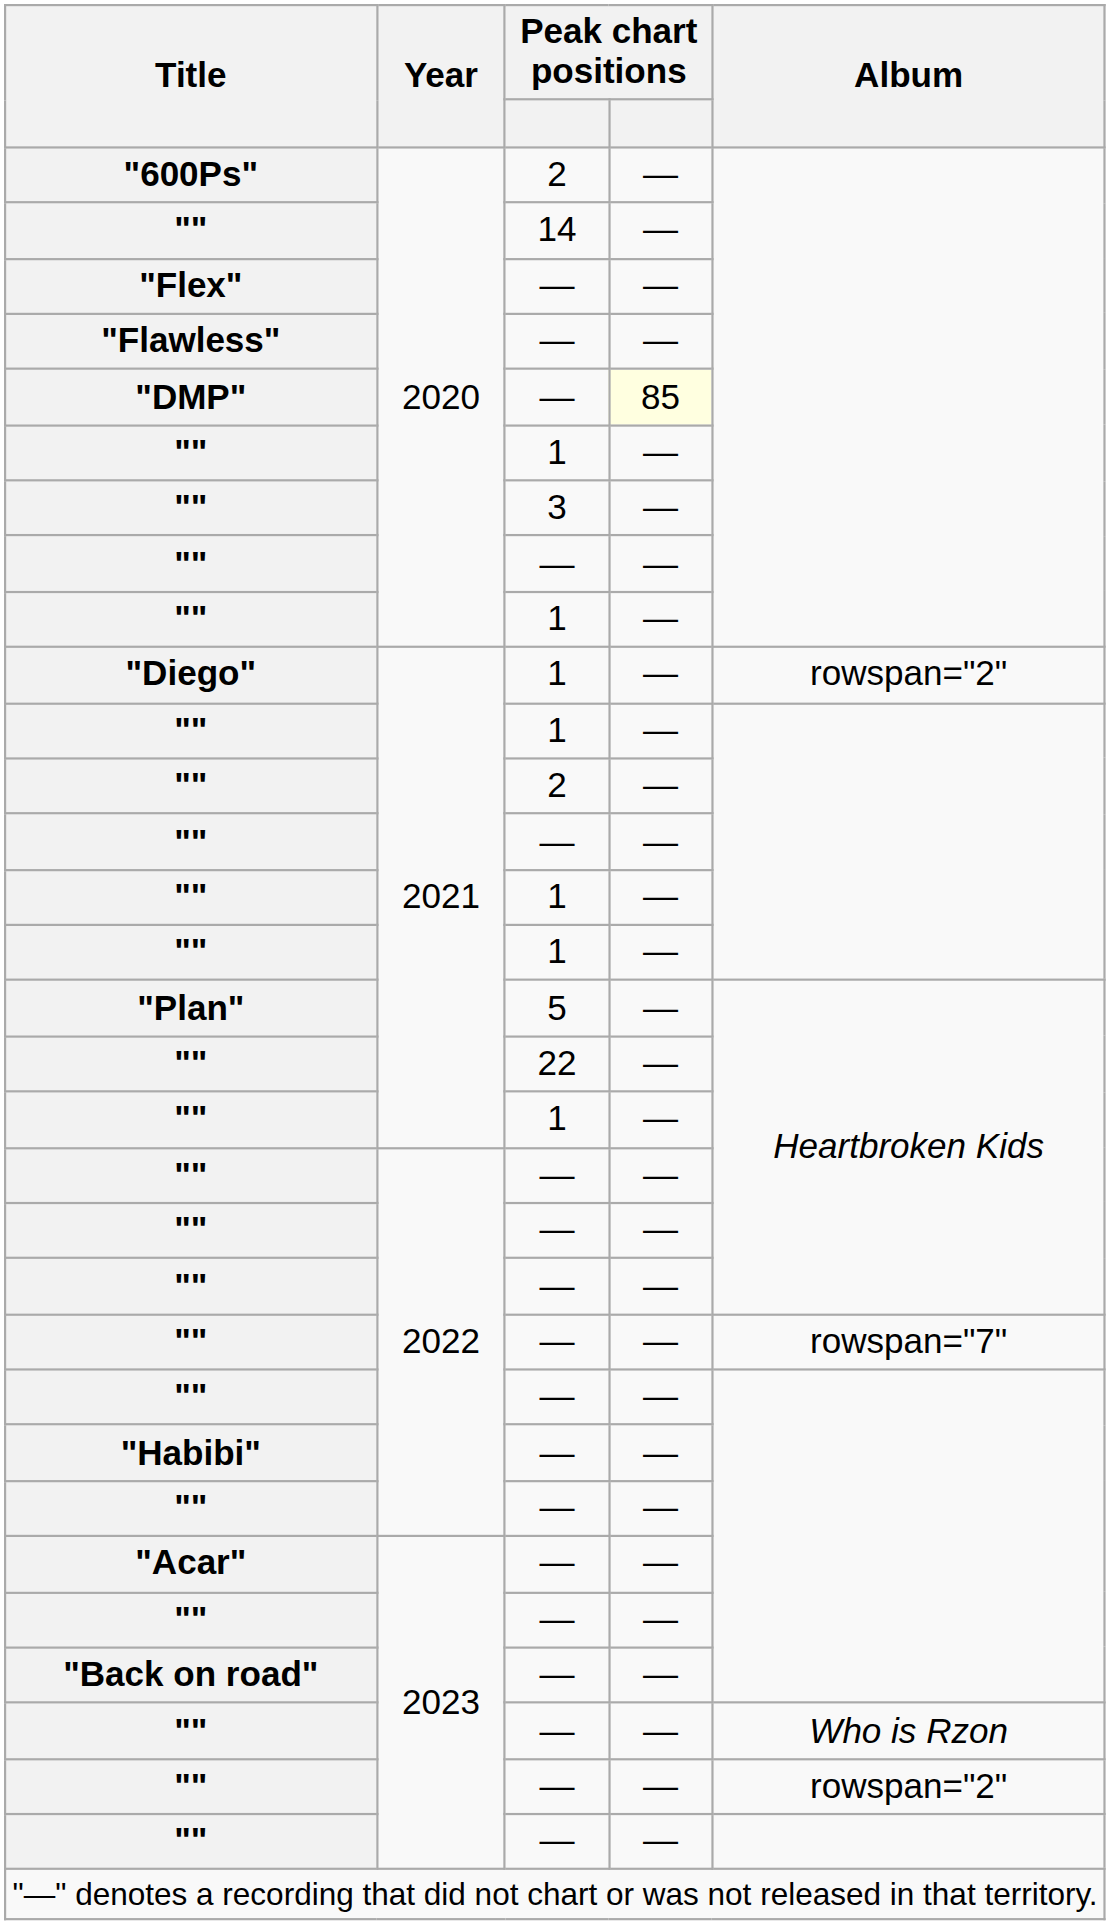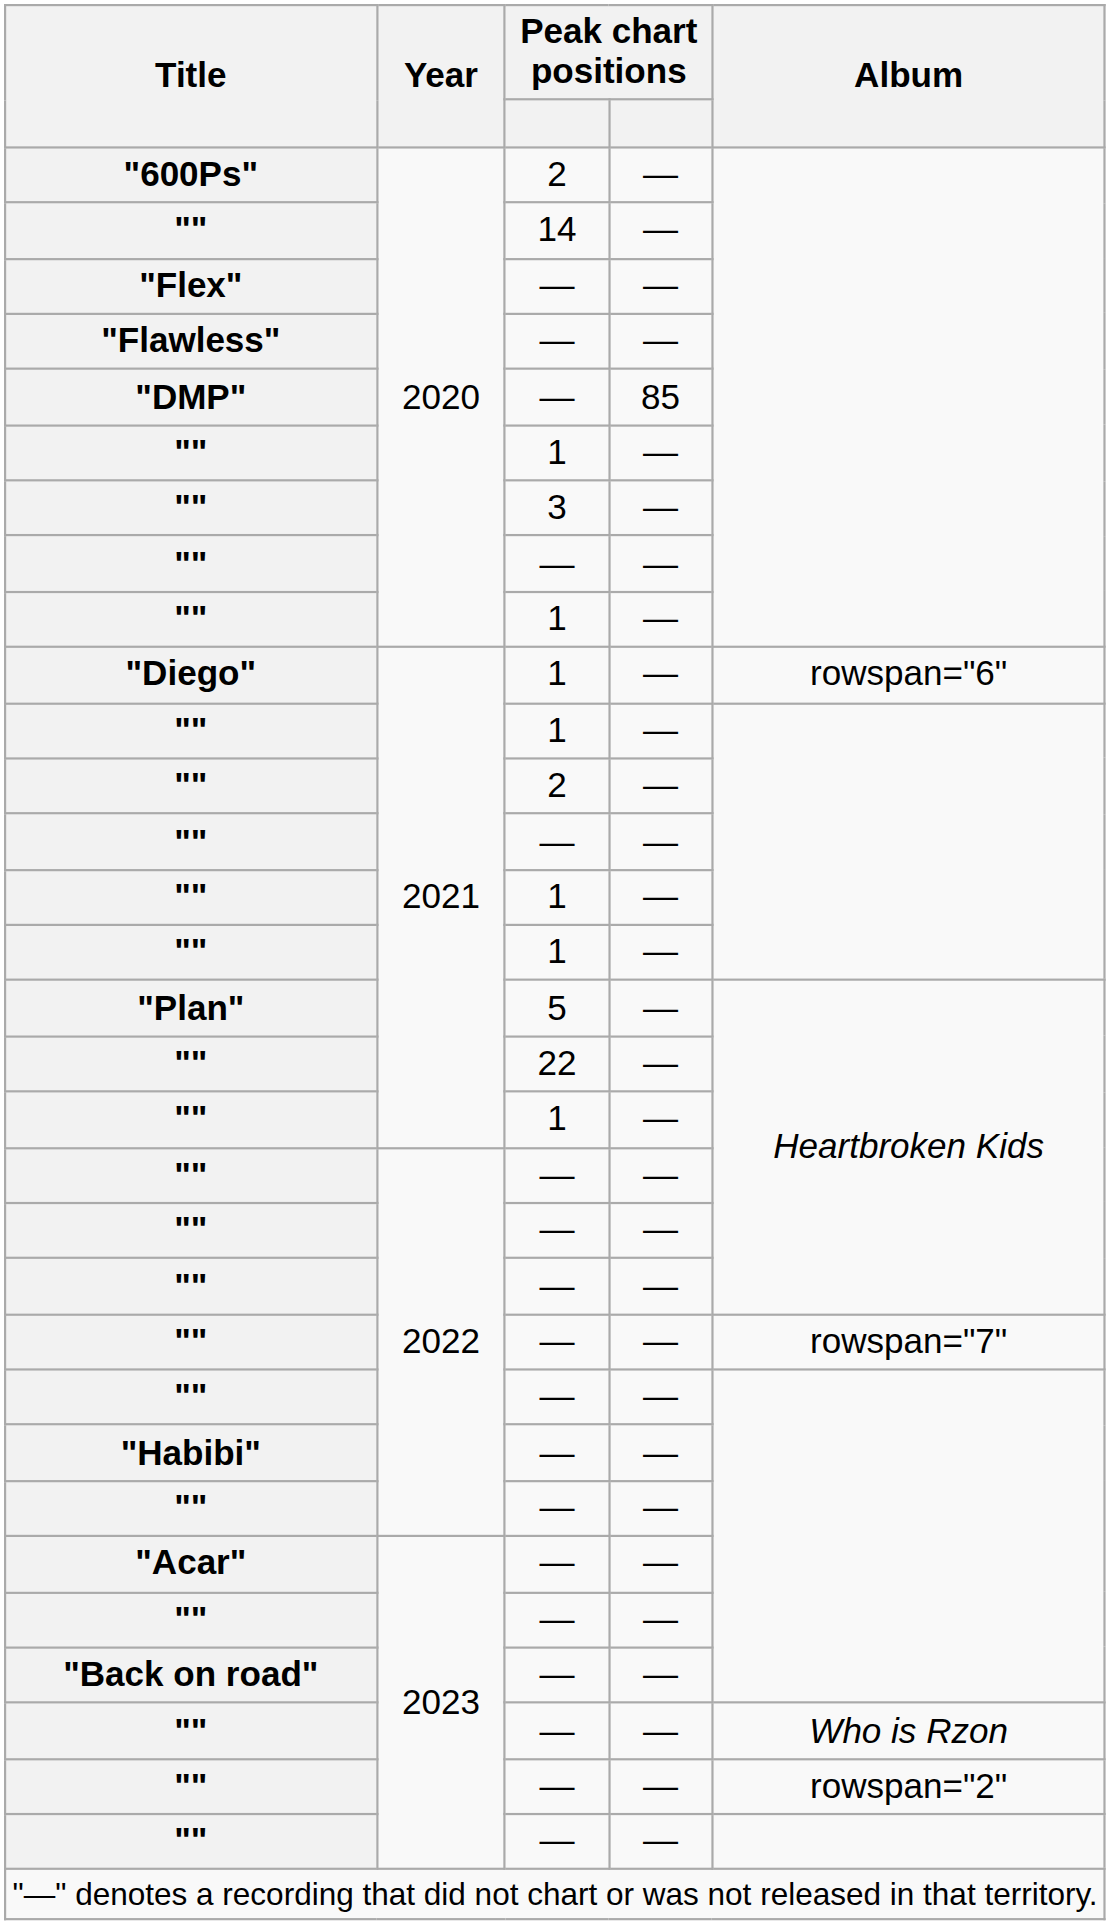 <table class="wikitable plainrowheaders" style="text-align:center;">
 <tr>
 <th scope="col" rowspan="2">Title</th>
 <th scope="col" rowspan="2">Year</th>
 <th scope="col" colspan="2">Peak chart positions</th>
 <th scope="col" rowspan="2">Album</th>
 </tr>
 <tr>
 <th style="width:3em; font-size:85%;"><a href='#'></a><br></th>
 <th style="width:3em; font-size:85%;"><a href='#'></a><br></th>
 </tr>
 <tr>
 <th scope="row">"600Ps"</th>
 <td rowspan="9">2020</td>
 <td>2</td>
 <td>—</td>
 <td rowspan="9"></td>
 </tr>
 <tr>
 <th scope="row">""</th>
 <td>14</td>
 <td>—</td>
 </tr>
 <tr>
 <th scope="row">"Flex"</th>
 <td>—</td>
 <td>—</td>
 </tr>
 <tr>
 <th scope="row">"Flawless"</th>
 <td>—</td>
 <td>—</td>
 </tr>
 <tr>
 <th scope="row">"DMP"<br></th>
 <td>—</td>
-<td style="background: lightyellow;">85</td>
+<td>85</td>
 </tr>
 <tr>
 <th scope="row">""</th>
 <td>1</td>
 <td>—</td>
 </tr>
 <tr>
 <th scope="row">""</th>
 <td>3</td>
 <td>—</td>
 </tr>
 <tr>
 <th scope="row">""<br></th>
 <td>—</td>
 <td>—</td>
 </tr>
 <tr>
 <th scope="row">""</th>
 <td>1</td>
 <td>—</td>
 </tr>
 <tr>
 <th scope="row">"Diego"</th>
 <td rowspan="9">2021</td>
 <td>1</td>
 <td>—</td>
-<td>rowspan="2" </td>
+<td>rowspan="6" </td>
 </tr>
 <tr>
 <th scope="row">""</th>
 <td>1</td>
 <td>—</td>
 </tr>
 <tr>
 <th scope="row">""<br></th>
 <td>2</td>
 <td>—</td>
 </tr>
 <tr>
 <th scope="row">""</th>
 <td>—</td>
 <td>—</td>
 </tr>
 <tr>
 <th scope="row">""</th>
 <td>1</td>
 <td>—</td>
 </tr>
 <tr>
 <th scope="row">""</th>
 <td>1</td>
 <td>—</td>
 </tr>
 <tr>
 <th scope="row">"Plan"</th>
 <td>5</td>
 <td>—</td>
 <td rowspan="6"><em>Heartbroken Kids</em></td>
 </tr>
 <tr>
 <th scope="row">""</th>
 <td>22</td>
 <td>—</td>
 </tr>
 <tr>
 <th scope="row">""<br></th>
 <td>1</td>
 <td>—</td>
 </tr>
 <tr>
 <th scope="row">""</th>
 <td rowspan="7">2022</td>
 <td>—</td>
 <td>—</td>
 </tr>
 <tr>
 <th scope="row">""</th>
 <td>—</td>
 <td>—</td>
 </tr>
 <tr>
 <th scope="row">""</th>
 <td>—</td>
 <td>—</td>
 </tr>
 <tr>
 <th scope="row">""<br></th>
 <td>—</td>
 <td>—</td>
 <td>rowspan="7" </td>
 </tr>
 <tr>
 <th scope="row">""</th>
 <td>—</td>
 <td>—</td>
 </tr>
 <tr>
 <th scope="row">"Habibi"<br></th>
 <td>—</td>
 <td>—</td>
 </tr>
 <tr>
 <th scope="row">""</th>
 <td>—</td>
 <td>—</td>
 </tr>
 <tr>
 <th scope="row">"Acar"<br></th>
 <td rowspan="6">2023</td>
 <td>—</td>
 <td>—</td>
 </tr>
 <tr>
 <th scope="row">""</th>
 <td>—</td>
 <td>—</td>
 </tr>
 <tr>
 <th scope="row">"Back on road"</th>
 <td>—</td>
 <td>—</td>
 </tr>
 <tr>
 <th scope="row">""<br></th>
 <td>—</td>
 <td>—</td>
 <td><em>Who is Rzon</em></td>
 </tr>
 <tr>
 <th scope="row">""<br></th>
 <td>—</td>
 <td>—</td>
 <td>rowspan="2" </td>
 </tr>
 <tr>
 <th scope="row">""<br></th>
 <td>—</td>
 <td>—</td>
 </tr>
 <tr>
 <td colspan="5" style="font-size:90%">"—" denotes a recording that did not chart or was not released in that territory.</td>
 </tr>
 </table>
